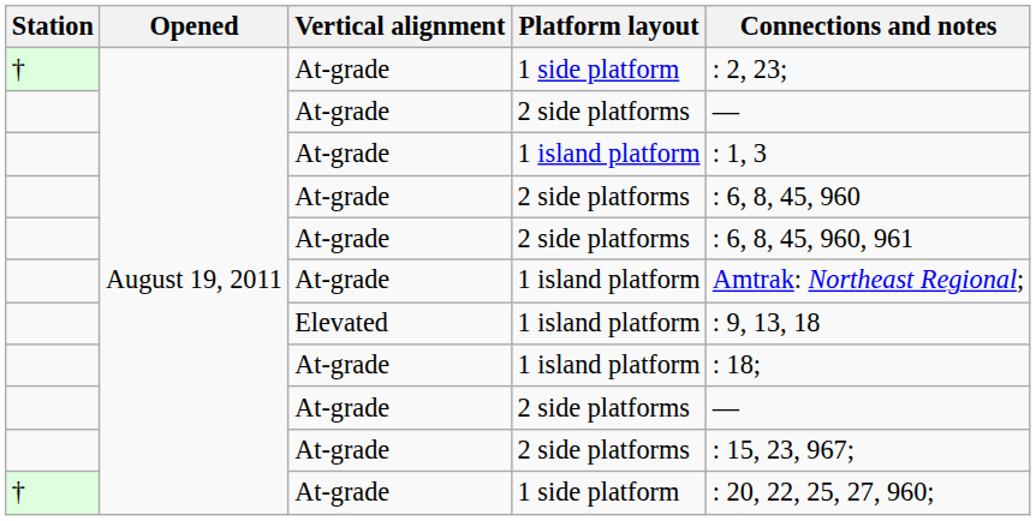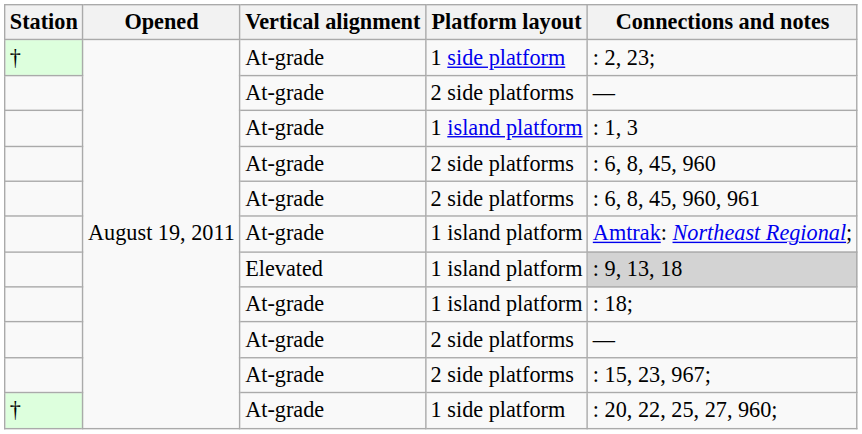 <table class="wikitable sortable">
 <tr>
 <th>Station</th>
 <th data-sort-type="usLongDate">Opened</th>
 <th class="unsortable">Vertical alignment</th>
 <th class="unsortable">Platform layout</th>
 <th class="unsortable">Connections and notes</th>
 </tr>
 <tr>
 <td style="background-color:#ddffdd">†</td>
 <td rowspan="11">August 19, 2011</td>
 <td>At-grade</td>
 <td>1 <a href='#'>side platform</a></td>
 <td>: 2, 23; </td>
 </tr>
 <tr>
 <td></td>
 <td>At-grade</td>
 <td>2 side platforms</td>
 <td>—</td>
 </tr>
 <tr>
 <td></td>
 <td>At-grade</td>
 <td>1 <a href='#'>island platform</a></td>
 <td>: 1, 3</td>
 </tr>
 <tr>
 <td></td>
 <td>At-grade</td>
 <td>2 side platforms</td>
 <td>: 6, 8, 45, 960</td>
 </tr>
 <tr>
 <td></td>
 <td>At-grade</td>
 <td>2 side platforms</td>
 <td>: 6, 8, 45, 960, 961</td>
 </tr>
 <tr>
 <td></td>
 <td>At-grade</td>
 <td>1 island platform</td>
 <td> <a href='#'>Amtrak</a>: <em><a href='#'>Northeast Regional</a></em>; </td>
 </tr>
 <tr>
 <td></td>
 <td>Elevated</td>
 <td>1 island platform</td>
-<td>: 9, 13, 18</td>
+<td style="background: lightgrey;">: 9, 13, 18</td>
 </tr>
 <tr>
 <td></td>
 <td>At-grade</td>
 <td>1 island platform</td>
 <td>: 18; </td>
 </tr>
 <tr>
 <td></td>
 <td>At-grade</td>
 <td>2 side platforms</td>
 <td>—</td>
 </tr>
 <tr>
 <td></td>
 <td>At-grade</td>
 <td>2 side platforms</td>
 <td>: 15, 23, 967; </td>
 </tr>
 <tr>
 <td style="background-color:#ddffdd">†</td>
 <td>At-grade</td>
 <td>1 side platform</td>
 <td>: 20, 22, 25, 27, 960; </td>
 </tr>
 </table>
